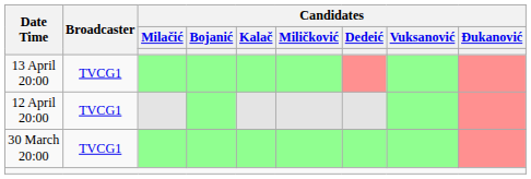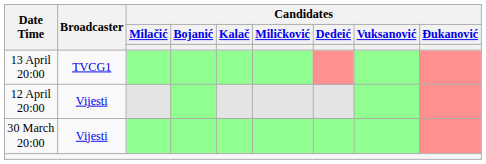 <table class="wikitable" style="text-align: center;font-size:80%;">
 <tr>
 <th rowspan="3">Date<br>Time</th>
 <th rowspan="3">Broadcaster</th>
 <th colspan="19">Candidates</th>
 </tr>
 <tr>
 <th style="width:2em;"><a href='#'>Milačić</a></th>
 <th style="width:2em;"><a href='#'>Bojanić</a></th>
 <th style="width:2em;"><a href='#'>Kalač</a></th>
 <th style="width:2em;"><a href='#'>Miličković</a></th>
 <th style="width:2em;"><a href='#'>Dedeić</a></th>
 <th style="width:2em;"><a href='#'>Vuksanović</a></th>
 <th style="width:2em;"><a href='#'>Đukanović</a></th>
 </tr>
 <tr>
 <th style="color:inherit;background:"></th>
 <th style="color:inherit;background:"></th>
 <th style="color:inherit;background:"></th>
 <th style="color:inherit;background:"></th>
 <th style="color:inherit;background:"></th>
 <th style="color:inherit;background:"></th>
 <th style="color:inherit;background:"></th>
 </tr>
 <tr>
 <td>13 April<br>20:00</td>
 <td><a href='#'>TVCG1</a></td>
 <td style="background:#90FF90;"></td>
 <td style="background:#90FF90;"></td>
 <td style="background:#90FF90;"></td>
 <td style="background:#90FF90;"></td>
 <td style="background:#FF9090;"></td>
 <td style="background:#90FF90;"></td>
 <td style="background:#FF9090;"></td>
 </tr>
 <tr>
 <td>12 April<br>20:00</td>
-<td><a href='#'>TVCG1</a></td>
+<td><a href='#'>Vijesti</a></td>
 <td style="background:#E4E4E4;"></td>
 <td style="background:#90FF90;"></td>
 <td style="background:#E4E4E4;"></td>
 <td style="background:#E4E4E4;"></td>
 <td style="background:#E4E4E4;"></td>
 <td style="background:#90FF90;"></td>
 <td style="background:#FF9090;"></td>
 </tr>
 <tr>
 <td>30 March<br>20:00</td>
-<td><a href='#'>TVCG1</a></td>
+<td><a href='#'>Vijesti</a></td>
 <td style="background:#90FF90;"></td>
 <td style="background:#90FF90;"></td>
 <td style="background:#90FF90;"></td>
 <td style="background:#90FF90;"></td>
 <td style="background:#90FF90;"></td>
 <td style="background:#90FF90;"></td>
 <td style="background:#FF9090;"></td>
 </tr>
 <tr>
 <td colspan="22">      </td>
 </tr>
 </table>
